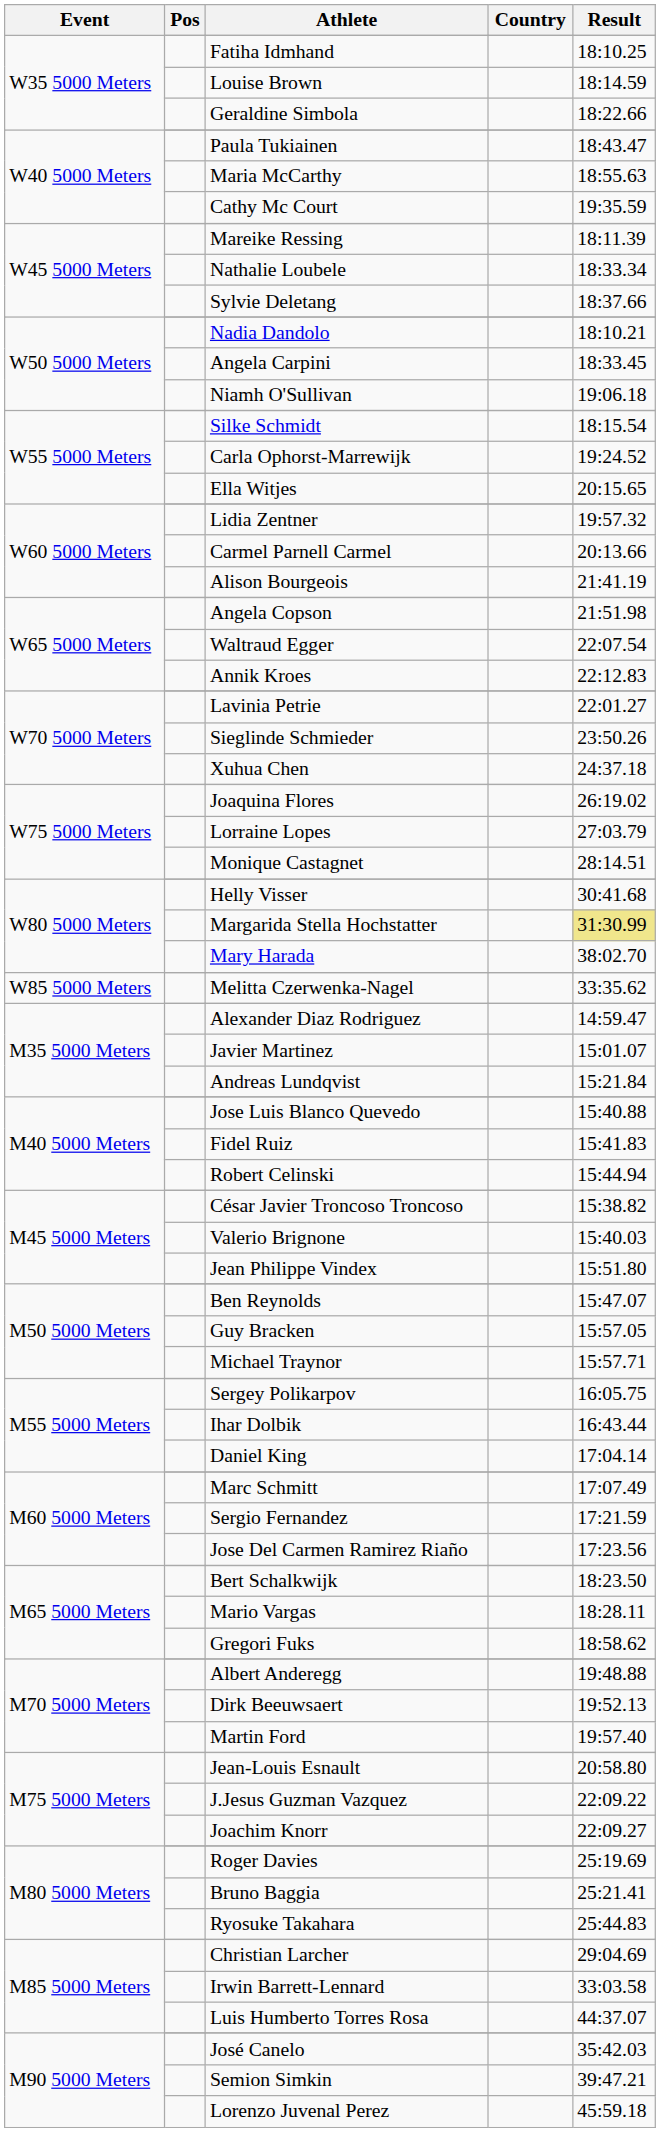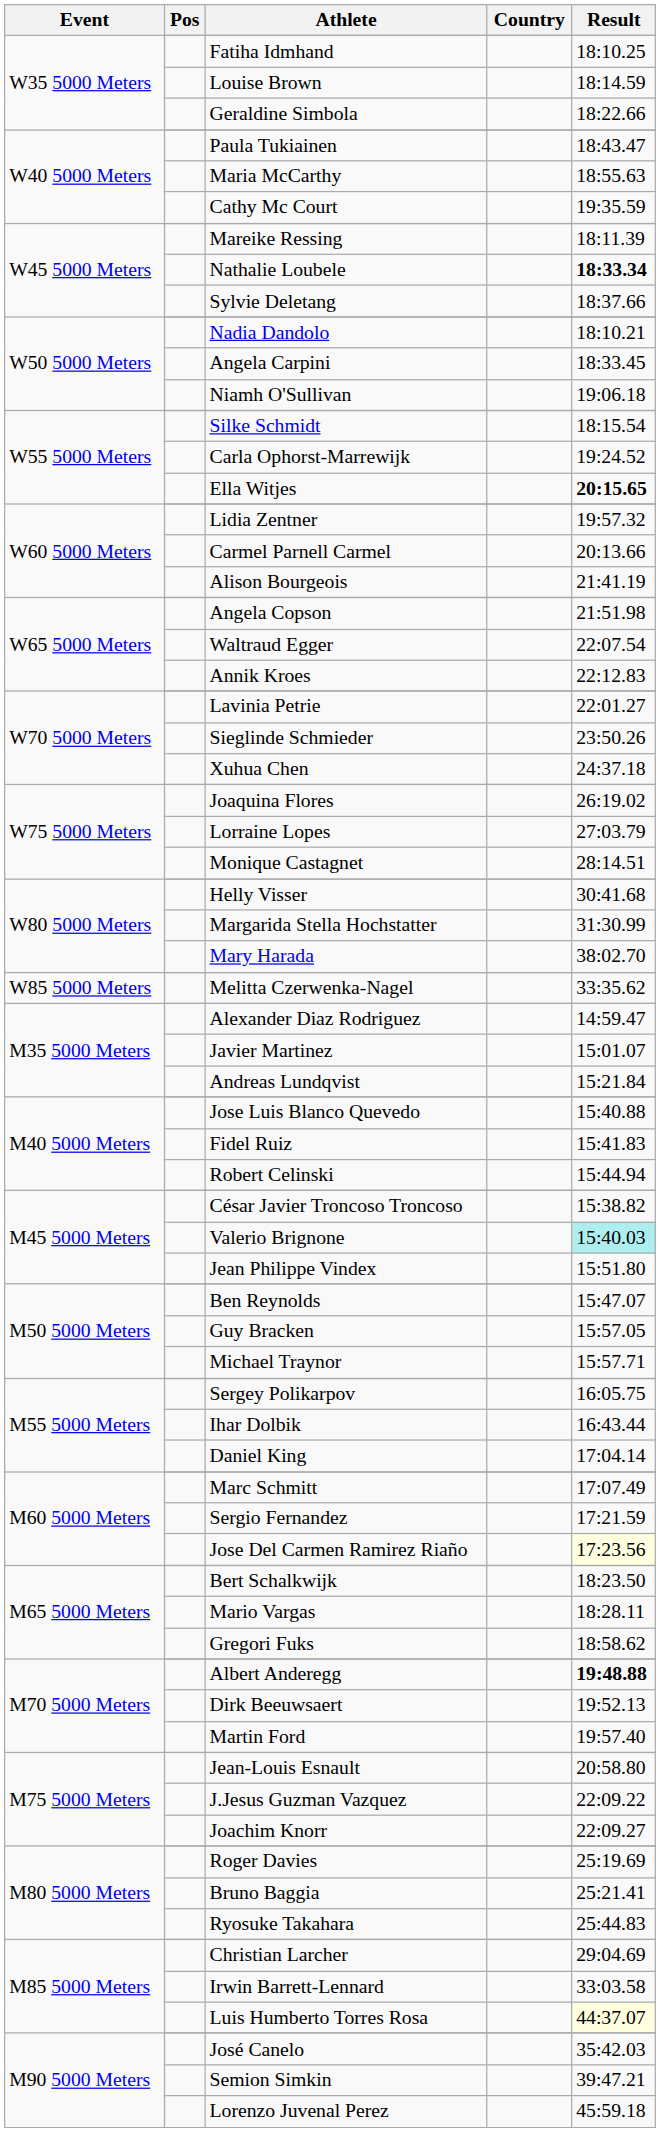 <table class="wikitable" style="width:60%;">
 <tr>
 <th>Event</th>
 <th>Pos</th>
 <th>Athlete</th>
 <th>Country</th>
 <th>Result</th>
 </tr>
 <tr>
 <td rowspan='4'>W35 <a href='#'>5000 Meters</a></td>
 </tr>
 <tr>
 <td align=center></td>
 <td align=left>Fatiha Idmhand</td>
 <td align=left></td>
 <td>18:10.25</td>
 </tr>
 <tr>
 <td align=center></td>
 <td align=left>Louise Brown</td>
 <td align=left></td>
 <td>18:14.59</td>
 </tr>
 <tr>
 <td align=center></td>
 <td align=left>Geraldine Simbola</td>
 <td align=left></td>
 <td>18:22.66</td>
 </tr>
 <tr>
 <td rowspan='4'>W40 <a href='#'>5000 Meters</a></td>
 </tr>
 <tr>
 <td align=center></td>
 <td align=left>Paula Tukiainen</td>
 <td align=left></td>
 <td>18:43.47</td>
 </tr>
 <tr>
 <td align=center></td>
 <td align=left>Maria McCarthy</td>
 <td align=left></td>
 <td>18:55.63</td>
 </tr>
 <tr>
 <td align=center></td>
 <td align=left>Cathy Mc Court</td>
 <td align=left></td>
 <td>19:35.59</td>
 </tr>
 <tr>
 <td rowspan='4'>W45 <a href='#'>5000 Meters</a></td>
 </tr>
 <tr>
 <td align=center></td>
 <td align=left>Mareike Ressing</td>
 <td align=left></td>
 <td>18:11.39</td>
 </tr>
 <tr>
 <td align=center></td>
 <td align=left>Nathalie Loubele</td>
 <td align=left></td>
-<td>18:33.34</td>
+<td><strong>18:33.34</strong></td>
 </tr>
 <tr>
 <td align=center></td>
 <td align=left>Sylvie Deletang</td>
 <td align=left></td>
 <td>18:37.66</td>
 </tr>
 <tr>
 <td rowspan='4'>W50 <a href='#'>5000 Meters</a></td>
 </tr>
 <tr>
 <td align=center></td>
 <td align=left><a href='#'>Nadia Dandolo</a></td>
 <td align=left></td>
 <td>18:10.21</td>
 </tr>
 <tr>
 <td align=center></td>
 <td align=left>Angela Carpini</td>
 <td align=left></td>
 <td>18:33.45</td>
 </tr>
 <tr>
 <td align=center></td>
 <td align=left>Niamh O'Sullivan</td>
 <td align=left></td>
 <td>19:06.18</td>
 </tr>
 <tr>
 <td rowspan='4'>W55 <a href='#'>5000 Meters</a></td>
 </tr>
 <tr>
 <td align=center></td>
 <td align=left><a href='#'>Silke Schmidt</a></td>
 <td align=left></td>
 <td>18:15.54</td>
 </tr>
 <tr>
 <td align=center></td>
 <td align=left>Carla Ophorst-Marrewijk</td>
 <td align=left></td>
 <td>19:24.52</td>
 </tr>
 <tr>
 <td align=center></td>
 <td align=left>Ella Witjes</td>
 <td align=left></td>
-<td>20:15.65</td>
+<td><strong>20:15.65</strong></td>
 </tr>
 <tr>
 <td rowspan='4'>W60 <a href='#'>5000 Meters</a></td>
 </tr>
 <tr>
 <td align=center></td>
 <td align=left>Lidia Zentner</td>
 <td align=left></td>
 <td>19:57.32</td>
 </tr>
 <tr>
 <td align=center></td>
 <td align=left>Carmel Parnell Carmel</td>
 <td align=left></td>
 <td>20:13.66</td>
 </tr>
 <tr>
 <td align=center></td>
 <td align=left>Alison Bourgeois</td>
 <td align=left></td>
 <td>21:41.19</td>
 </tr>
 <tr>
 <td rowspan='4'>W65 <a href='#'>5000 Meters</a></td>
 </tr>
 <tr>
 <td align=center></td>
 <td align=left>Angela Copson</td>
 <td align=left></td>
 <td>21:51.98</td>
 </tr>
 <tr>
 <td align=center></td>
 <td align=left>Waltraud Egger</td>
 <td align=left></td>
 <td>22:07.54</td>
 </tr>
 <tr>
 <td align=center></td>
 <td align=left>Annik Kroes</td>
 <td align=left></td>
 <td>22:12.83</td>
 </tr>
 <tr>
 <td rowspan='4'>W70 <a href='#'>5000 Meters</a></td>
 </tr>
 <tr>
 <td align=center></td>
 <td align=left>Lavinia Petrie</td>
 <td align=left></td>
 <td>22:01.27</td>
 </tr>
 <tr>
 <td align=center></td>
 <td align=left>Sieglinde Schmieder</td>
 <td align=left></td>
 <td>23:50.26</td>
 </tr>
 <tr>
 <td align=center></td>
 <td align=left>Xuhua Chen</td>
 <td align=left></td>
 <td>24:37.18</td>
 </tr>
 <tr>
 <td rowspan='4'>W75 <a href='#'>5000 Meters</a></td>
 </tr>
 <tr>
 <td align=center></td>
 <td align=left>Joaquina Flores</td>
 <td align=left></td>
 <td>26:19.02</td>
 </tr>
 <tr>
 <td align=center></td>
 <td align=left>Lorraine Lopes</td>
 <td align=left></td>
 <td>27:03.79</td>
 </tr>
 <tr>
 <td align=center></td>
 <td align=left>Monique Castagnet</td>
 <td align=left></td>
 <td>28:14.51</td>
 </tr>
 <tr>
 <td rowspan='4'>W80 <a href='#'>5000 Meters</a></td>
 </tr>
 <tr>
 <td align=center></td>
 <td align=left>Helly Visser</td>
 <td align=left></td>
 <td>30:41.68</td>
 </tr>
 <tr>
 <td align=center></td>
 <td align=left>Margarida Stella Hochstatter</td>
 <td align=left></td>
-<td style="background: khaki;">31:30.99</td>
+<td>31:30.99</td>
 </tr>
 <tr>
 <td align=center></td>
 <td align=left><a href='#'>Mary Harada</a></td>
 <td align=left></td>
 <td>38:02.70</td>
 </tr>
 <tr>
 <td rowspan='2'>W85 <a href='#'>5000 Meters</a></td>
 </tr>
 <tr>
 <td align=center></td>
 <td align=left>Melitta Czerwenka-Nagel</td>
 <td align=left></td>
 <td>33:35.62</td>
 </tr>
 <tr>
 <td rowspan='4'>M35 <a href='#'>5000 Meters</a></td>
 </tr>
 <tr>
 <td align=center></td>
 <td align=left>Alexander Diaz Rodriguez</td>
 <td align=left></td>
 <td>14:59.47</td>
 </tr>
 <tr>
 <td align=center></td>
 <td align=left>Javier Martinez</td>
 <td align=left></td>
 <td>15:01.07</td>
 </tr>
 <tr>
 <td align=center></td>
 <td align=left>Andreas Lundqvist</td>
 <td align=left></td>
 <td>15:21.84</td>
 </tr>
 <tr>
 <td rowspan='4'>M40 <a href='#'>5000 Meters</a></td>
 </tr>
 <tr>
 <td align=center></td>
 <td align=left>Jose Luis Blanco Quevedo</td>
 <td align=left></td>
 <td>15:40.88</td>
 </tr>
 <tr>
 <td align=center></td>
 <td align=left>Fidel Ruiz</td>
 <td align=left></td>
 <td>15:41.83</td>
 </tr>
 <tr>
 <td align=center></td>
 <td align=left>Robert Celinski</td>
 <td align=left></td>
 <td>15:44.94</td>
 </tr>
 <tr>
 <td rowspan='4'>M45 <a href='#'>5000 Meters</a></td>
 </tr>
 <tr>
 <td align=center></td>
 <td align=left>César Javier Troncoso Troncoso</td>
 <td align=left></td>
 <td>15:38.82</td>
 </tr>
 <tr>
 <td align=center></td>
 <td align=left>Valerio Brignone</td>
 <td align=left></td>
-<td>15:40.03</td>
+<td style="background: paleturquoise;">15:40.03</td>
 </tr>
 <tr>
 <td align=center></td>
 <td align=left>Jean Philippe Vindex</td>
 <td align=left></td>
 <td>15:51.80</td>
 </tr>
 <tr>
 <td rowspan='4'>M50 <a href='#'>5000 Meters</a></td>
 </tr>
 <tr>
 <td align=center></td>
 <td align=left>Ben Reynolds</td>
 <td align=left></td>
 <td>15:47.07</td>
 </tr>
 <tr>
 <td align=center></td>
 <td align=left>Guy Bracken</td>
 <td align=left></td>
 <td>15:57.05</td>
 </tr>
 <tr>
 <td align=center></td>
 <td align=left>Michael Traynor</td>
 <td align=left></td>
 <td>15:57.71</td>
 </tr>
 <tr>
 <td rowspan='4'>M55 <a href='#'>5000 Meters</a></td>
 </tr>
 <tr>
 <td align=center></td>
 <td align=left>Sergey Polikarpov</td>
 <td align=left></td>
 <td>16:05.75</td>
 </tr>
 <tr>
 <td align=center></td>
 <td align=left>Ihar Dolbik</td>
 <td align=left></td>
 <td>16:43.44</td>
 </tr>
 <tr>
 <td align=center></td>
 <td align=left>Daniel King</td>
 <td align=left></td>
 <td>17:04.14</td>
 </tr>
 <tr>
 <td rowspan='4'>M60 <a href='#'>5000 Meters</a></td>
 </tr>
 <tr>
 <td align=center></td>
 <td align=left>Marc Schmitt</td>
 <td align=left></td>
 <td>17:07.49</td>
 </tr>
 <tr>
 <td align=center></td>
 <td align=left>Sergio Fernandez</td>
 <td align=left></td>
 <td>17:21.59</td>
 </tr>
 <tr>
 <td align=center></td>
 <td align=left>Jose Del Carmen Ramirez Riaño</td>
 <td align=left></td>
-<td>17:23.56</td>
+<td style="background: lightyellow;">17:23.56</td>
 </tr>
 <tr>
 <td rowspan='4'>M65 <a href='#'>5000 Meters</a></td>
 </tr>
 <tr>
 <td align=center></td>
 <td align=left>Bert Schalkwijk</td>
 <td align=left></td>
 <td>18:23.50</td>
 </tr>
 <tr>
 <td align=center></td>
 <td align=left>Mario Vargas</td>
 <td align=left></td>
 <td>18:28.11</td>
 </tr>
 <tr>
 <td align=center></td>
 <td align=left>Gregori Fuks</td>
 <td align=left></td>
 <td>18:58.62</td>
 </tr>
 <tr>
 <td rowspan='4'>M70 <a href='#'>5000 Meters</a></td>
 </tr>
 <tr>
 <td align=center></td>
 <td align=left>Albert Anderegg</td>
 <td align=left></td>
-<td>19:48.88</td>
+<td><strong>19:48.88</strong></td>
 </tr>
 <tr>
 <td align=center></td>
 <td align=left>Dirk Beeuwsaert</td>
 <td align=left></td>
 <td>19:52.13</td>
 </tr>
 <tr>
 <td align=center></td>
 <td align=left>Martin Ford</td>
 <td align=left></td>
 <td>19:57.40</td>
 </tr>
 <tr>
 <td rowspan='4'>M75 <a href='#'>5000 Meters</a></td>
 </tr>
 <tr>
 <td align=center></td>
 <td align=left>Jean-Louis Esnault</td>
 <td align=left></td>
 <td>20:58.80</td>
 </tr>
 <tr>
 <td align=center></td>
 <td align=left>J.Jesus Guzman Vazquez</td>
 <td align=left></td>
 <td>22:09.22</td>
 </tr>
 <tr>
 <td align=center></td>
 <td align=left>Joachim Knorr</td>
 <td align=left></td>
 <td>22:09.27</td>
 </tr>
 <tr>
 <td rowspan='4'>M80 <a href='#'>5000 Meters</a></td>
 </tr>
 <tr>
 <td align=center></td>
 <td align=left>Roger Davies</td>
 <td align=left></td>
 <td>25:19.69</td>
 </tr>
 <tr>
 <td align=center></td>
 <td align=left>Bruno Baggia</td>
 <td align=left></td>
 <td>25:21.41</td>
 </tr>
 <tr>
 <td align=center></td>
 <td align=left>Ryosuke Takahara</td>
 <td align=left></td>
 <td>25:44.83</td>
 </tr>
 <tr>
 <td rowspan='4'>M85 <a href='#'>5000 Meters</a></td>
 </tr>
 <tr>
 <td align=center></td>
 <td align=left>Christian Larcher</td>
 <td align=left></td>
 <td>29:04.69</td>
 </tr>
 <tr>
 <td align=center></td>
 <td align=left>Irwin Barrett-Lennard</td>
 <td align=left></td>
 <td>33:03.58</td>
 </tr>
 <tr>
 <td align=center></td>
 <td align=left>Luis Humberto Torres Rosa</td>
 <td align=left></td>
-<td>44:37.07</td>
+<td style="background: lightyellow;">44:37.07</td>
 </tr>
 <tr>
 <td rowspan='4'>M90 <a href='#'>5000 Meters</a></td>
 </tr>
 <tr>
 <td align=center></td>
 <td align=left>José Canelo</td>
 <td align=left></td>
 <td>35:42.03</td>
 </tr>
 <tr>
 <td align=center></td>
 <td align=left>Semion Simkin</td>
 <td align=left></td>
 <td>39:47.21</td>
 </tr>
 <tr>
 <td align=center></td>
 <td align=left>Lorenzo Juvenal Perez</td>
 <td align=left></td>
 <td>45:59.18</td>
 </tr>
 </table>
